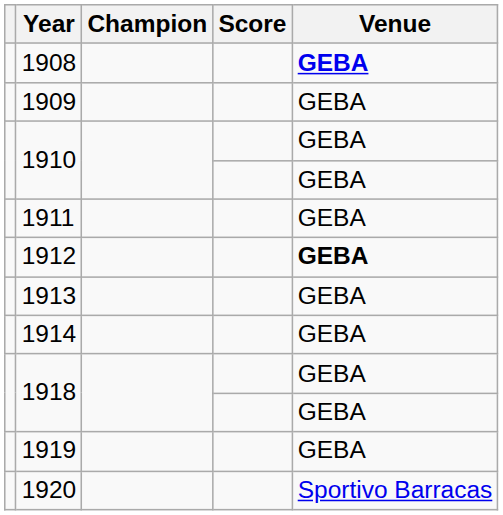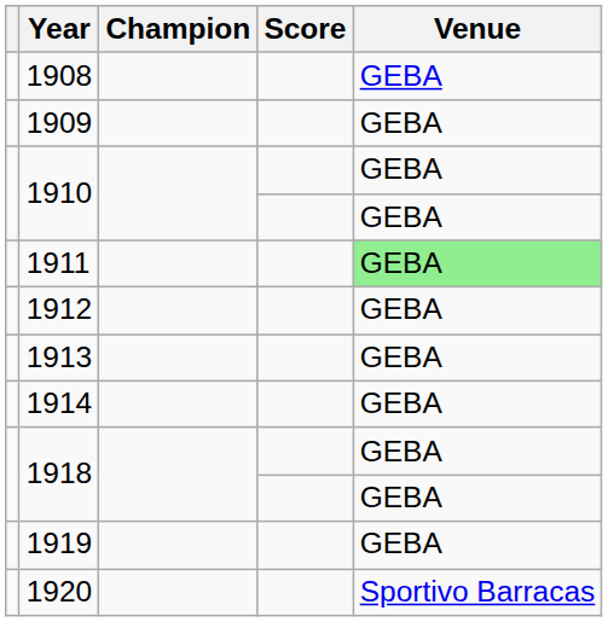 <table class="wikitable sortable" style="text-align:">
 <tr>
 <th width=></th>
 <th width= px>Year</th>
 <th width= px>Champion</th>
 <th width= px>Score</th>
 <th>Venue</th>
 </tr>
 <tr>
 <td></td>
 <td>1908</td>
 <td></td>
 <td></td>
-<td><strong><a href='#'>GEBA</a></strong></td>
+<td><a href='#'>GEBA</a></td>
 </tr>
 <tr>
 <td></td>
 <td>1909</td>
 <td></td>
 <td></td>
 <td>GEBA</td>
 </tr>
 <tr>
 <td rowspan=2></td>
 <td rowspan=2>1910</td>
 <td rowspan=2></td>
 <td></td>
 <td>GEBA</td>
 </tr>
 <tr>
 <td></td>
 <td>GEBA</td>
 </tr>
 <tr>
 <td></td>
 <td>1911</td>
 <td></td>
 <td></td>
-<td>GEBA</td>
+<td style="background: lightgreen;">GEBA</td>
 </tr>
 <tr>
 <td></td>
 <td>1912</td>
 <td></td>
 <td></td>
-<td><strong>GEBA</strong></td>
+<td>GEBA</td>
 </tr>
 <tr>
 <td></td>
 <td>1913</td>
 <td></td>
 <td></td>
 <td>GEBA</td>
 </tr>
 <tr>
 <td></td>
 <td>1914</td>
 <td></td>
 <td></td>
 <td>GEBA</td>
 </tr>
 <tr>
 <td rowspan=2></td>
 <td rowspan=2>1918</td>
 <td rowspan=2></td>
 <td></td>
 <td>GEBA</td>
 </tr>
 <tr>
 <td></td>
 <td>GEBA</td>
 </tr>
 <tr>
 <td></td>
 <td>1919</td>
 <td></td>
 <td></td>
 <td>GEBA</td>
 </tr>
 <tr>
 <td></td>
 <td>1920</td>
 <td></td>
 <td></td>
 <td><a href='#'>Sportivo Barracas</a></td>
 </tr>
 </table>
